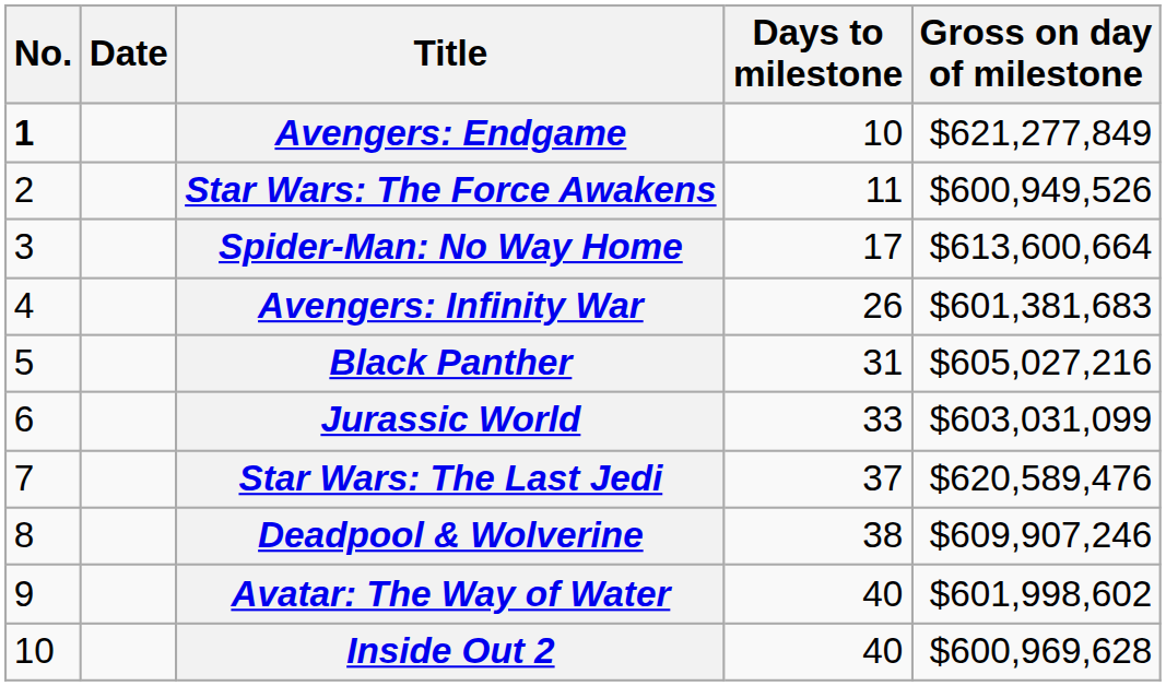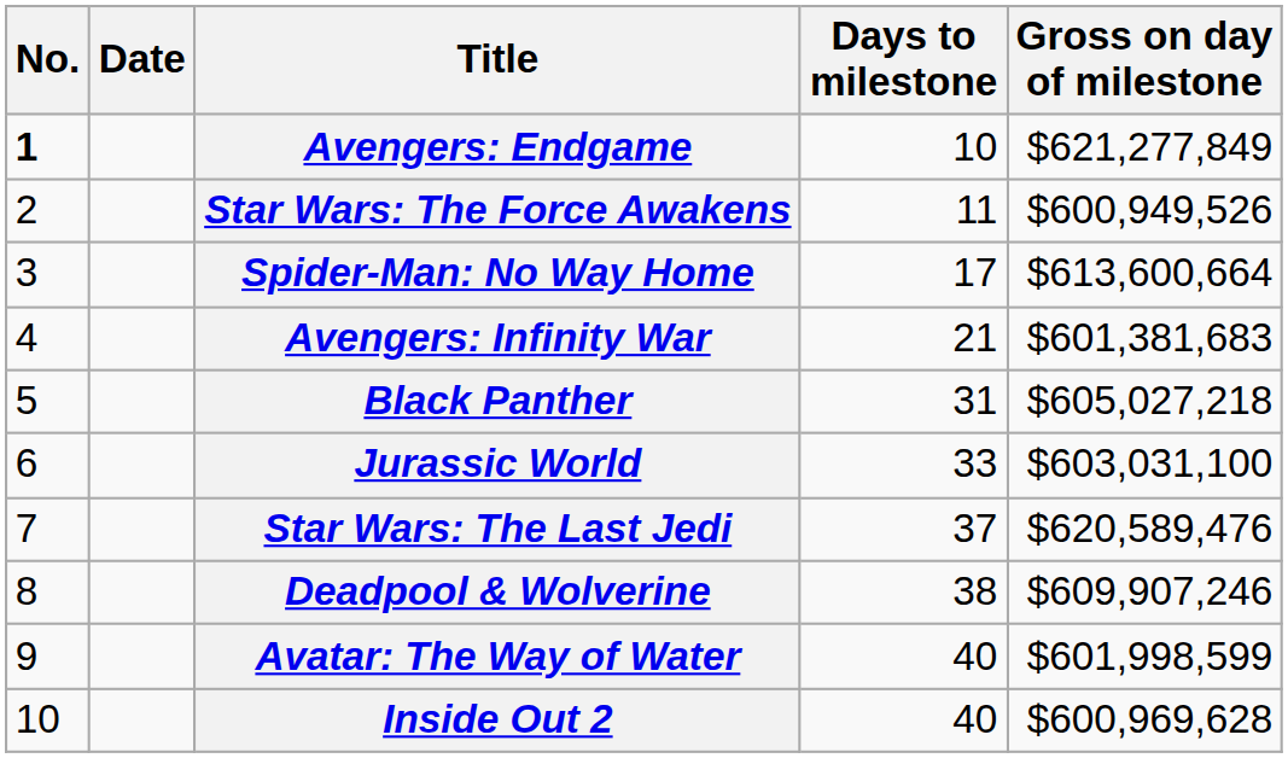 <table class="wikitable">
 <tr>
 <th scope="col">No.</th>
 <th scope="col">Date</th>
 <th scope="col">Title</th>
 <th scope="col">Days to <br>milestone</th>
 <th scope="col">Gross on day <br>of milestone</th>
 </tr>
 <tr>
 <td><strong>1</strong></td>
 <td></td>
 <th scope="row"><em><a href='#'>Avengers: Endgame</a></em></th>
 <td style="text-align:right;">10</td>
 <td style="text-align:right;">$621,277,849</td>
 </tr>
 <tr>
 <td>2</td>
 <td></td>
 <th scope="row"><em><a href='#'>Star Wars: The Force Awakens</a></em></th>
 <td style="text-align:right;">11</td>
 <td style="text-align:right;">$600,949,526</td>
 </tr>
 <tr>
 <td>3</td>
 <td></td>
 <th scope="row"><em><a href='#'>Spider-Man: No Way Home</a></em></th>
 <td style="text-align:right;">17</td>
 <td style="text-align:right;">$613,600,664</td>
 </tr>
 <tr>
 <td>4</td>
 <td></td>
 <th scope="row"><em><a href='#'>Avengers: Infinity War</a></em></th>
-<td style="text-align:right;">26</td>
+<td style="text-align:right;">21</td>
 <td style="text-align:right;">$601,381,683</td>
 </tr>
 <tr>
 <td>5</td>
 <td></td>
 <th scope="row"><em><a href='#'>Black Panther</a></em></th>
 <td style="text-align:right;">31</td>
-<td style="text-align:right;">$605,027,216</td>
+<td style="text-align:right;">$605,027,218</td>
 </tr>
 <tr>
 <td>6</td>
 <td></td>
 <th scope="row"><em><a href='#'>Jurassic World</a></em></th>
 <td style="text-align:right;">33</td>
-<td style="text-align:right;">$603,031,099</td>
+<td style="text-align:right;">$603,031,100</td>
 </tr>
 <tr>
 <td>7</td>
 <td></td>
 <th scope="row"><em><a href='#'>Star Wars: The Last Jedi</a></em></th>
 <td style="text-align:right;">37</td>
 <td style="text-align:right;">$620,589,476</td>
 </tr>
 <tr>
 <td>8</td>
 <td></td>
 <th scope="row"><em><a href='#'>Deadpool & Wolverine</a></em></th>
 <td style="text-align:right;">38</td>
 <td style="text-align:right;">$609,907,246</td>
 </tr>
 <tr>
 <td>9</td>
 <td></td>
 <th scope="row"><em><a href='#'>Avatar: The Way of Water</a></em></th>
 <td style="text-align:right;">40</td>
-<td style="text-align:right;">$601,998,602</td>
+<td style="text-align:right;">$601,998,599</td>
 </tr>
 <tr>
 <td>10</td>
 <td></td>
 <th scope="row"><em><a href='#'>Inside Out 2</a></em></th>
 <td style="text-align:right;">40</td>
 <td style="text-align:right;">$600,969,628</td>
 </tr>
 </table>
